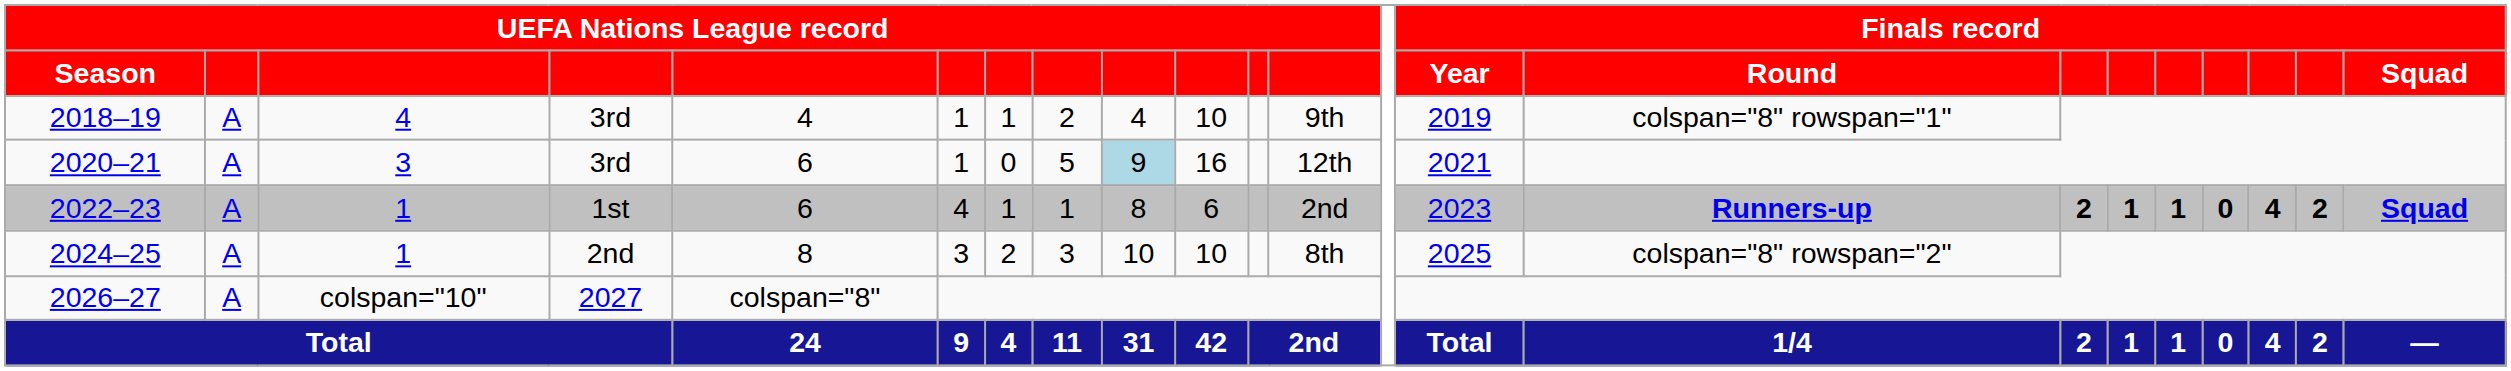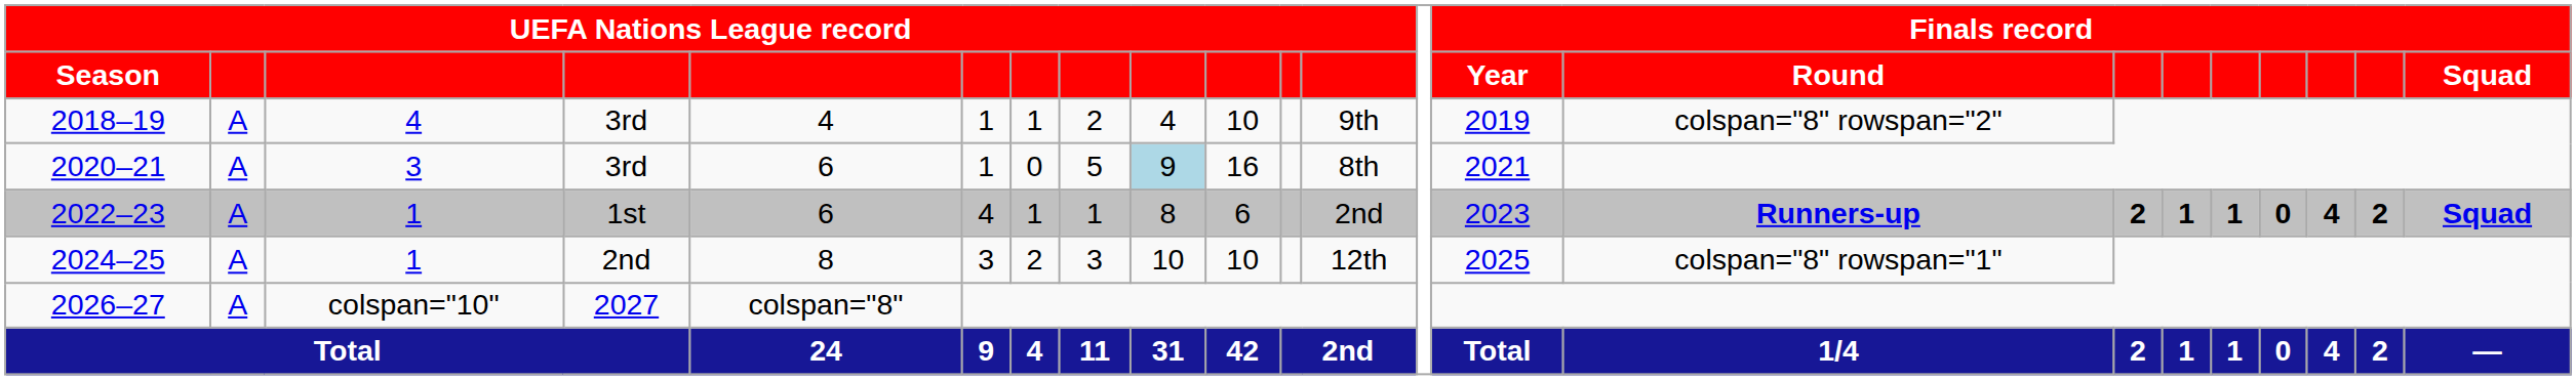 <table class="wikitable" style="font-size:90%; text-align:center;" width="100%" class="wikitable">
 <tr>
 <th colspan="12" style="background:#ff0000; color:white; ">UEFA Nations League record</th>
 <th width="1" rowspan="8" style="background:#FFFFFF; color:white"></th>
 <th colspan="9" style="background:#ff0000; color:white; ">Finals record</th>
 </tr>
 <tr>
 <th style="background:#ff0000; color:white; ">Season</th>
 <th style="background:#ff0000; color:white; "></th>
 <th style="background:#ff0000; color:white; "></th>
 <th style="background:#ff0000; color:white; "></th>
 <th style="background:#ff0000; color:white; "></th>
 <th style="background:#ff0000; color:white; "></th>
 <th style="background:#ff0000; color:white; "></th>
 <th style="background:#ff0000; color:white; "></th>
 <th style="background:#ff0000; color:white; "></th>
 <th style="background:#ff0000; color:white; "></th>
 <th style="background:#ff0000; color:white; "></th>
 <th style="background:#ff0000; color:white; "></th>
 <th style="background:#ff0000; color:white; ">Year</th>
 <th style="background:#ff0000; color:white; ">Round</th>
 <th style="background:#ff0000; color:white; "></th>
 <th style="background:#ff0000; color:white; "></th>
 <th style="background:#ff0000; color:white; "></th>
 <th style="background:#ff0000; color:white; "></th>
 <th style="background:#ff0000; color:white; "></th>
 <th style="background:#ff0000; color:white; "></th>
 <th style="background:#ff0000; color:white; ">Squad</th>
 </tr>
 <tr>
 <td><a href='#'>2018–19</a></td>
 <td><a href='#'>A</a></td>
 <td><a href='#'>4</a></td>
 <td>3rd</td>
 <td>4</td>
 <td>1</td>
 <td>1</td>
 <td>2</td>
 <td>4</td>
 <td>10</td>
 <td></td>
 <td>9th</td>
 <td> <a href='#'>2019</a></td>
-<td>colspan="8" rowspan="1" </td>
+<td>colspan="8" rowspan="2" </td>
 </tr>
 <tr>
 <td><a href='#'>2020–21</a></td>
 <td><a href='#'>A</a></td>
 <td><a href='#'>3</a></td>
 <td>3rd</td>
 <td>6</td>
 <td>1</td>
 <td>0</td>
 <td>5</td>
 <td style="background: lightblue;">9</td>
 <td>16</td>
 <td></td>
-<td>12th</td>
+<td>8th</td>
 <td> <a href='#'>2021</a></td>
 </tr>
 <tr bgcolor=silver>
 <td><a href='#'>2022–23</a></td>
 <td><a href='#'>A</a></td>
 <td><a href='#'>1</a></td>
 <td>1st</td>
 <td>6</td>
 <td>4</td>
 <td>1</td>
 <td>1</td>
 <td>8</td>
 <td>6</td>
 <td></td>
 <td>2nd</td>
 <td> <a href='#'>2023</a></td>
 <td><strong><a href='#'>Runners-up</a></strong></td>
 <td><strong>2</strong></td>
 <td><strong>1</strong></td>
 <td><strong>1</strong></td>
 <td><strong>0</strong></td>
 <td><strong>4</strong></td>
 <td><strong>2</strong></td>
 <td><strong><a href='#'>Squad</a></strong></td>
 </tr>
 <tr>
 <td><a href='#'>2024–25</a></td>
 <td><a href='#'>A</a></td>
 <td><a href='#'>1</a></td>
 <td>2nd</td>
 <td>8</td>
 <td>3</td>
 <td>2</td>
 <td>3</td>
 <td>10</td>
 <td>10</td>
 <td></td>
-<td>8th</td>
+<td>12th</td>
 <td> <a href='#'>2025</a></td>
-<td>colspan="8" rowspan="2" </td>
+<td>colspan="8" rowspan="1" </td>
 </tr>
 <tr>
 <td><a href='#'>2026–27</a></td>
 <td><a href='#'>A</a></td>
 <td>colspan="10" </td>
 <td> <a href='#'>2027</a></td>
 <td>colspan="8" </td>
 </tr>
 <tr>
 <th colspan="4" style="background:#171796; color:white; ">Total</th>
 <th style="background:#171796; color:white; ">24</th>
 <th style="background:#171796; color:white; ">9</th>
 <th style="background:#171796; color:white; ">4</th>
 <th style="background:#171796; color:white; ">11</th>
 <th style="background:#171796; color:white; ">31</th>
 <th style="background:#171796; color:white; ">42</th>
 <th colspan="2" style="background:#171796; color:white; ">2nd</th>
 <th style="background:#171796; color:white; ">Total</th>
 <th style="background:#171796; color:white; ">1/4</th>
 <th style="background:#171796; color:white; ">2</th>
 <th style="background:#171796; color:white; ">1</th>
 <th style="background:#171796; color:white; ">1</th>
 <th style="background:#171796; color:white; ">0</th>
 <th style="background:#171796; color:white; ">4</th>
 <th style="background:#171796; color:white; ">2</th>
 <th style="background:#171796; color:white; ">—</th>
 </tr>
 </table>
